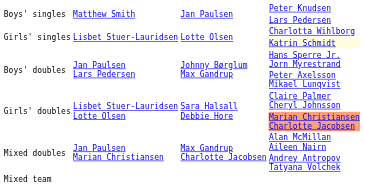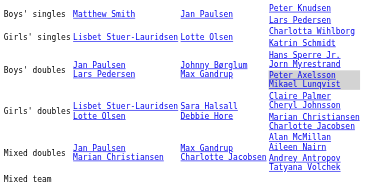 <table>
 <tr>
 <td rowspan=2>Boys' singles</td>
 <td rowspan=2> <a href='#'>Matthew Smith</a></td>
 <td rowspan=2> <a href='#'>Jan Paulsen</a></td>
 <td> <a href='#'>Peter Knudsen</a></td>
 </tr>
 <tr>
 <td> <a href='#'>Lars Pedersen</a></td>
 </tr>
 <tr>
 <td rowspan=2>Girls' singles</td>
 <td rowspan=2> <a href='#'>Lisbet Stuer-Lauridsen</a></td>
 <td rowspan=2> <a href='#'>Lotte Olsen</a></td>
 <td> <a href='#'>Charlotta Wihlborg</a></td>
 </tr>
 <tr>
-<td style="background: lightyellow;"> <a href='#'>Katrin Schmidt</a></td>
+<td> <a href='#'>Katrin Schmidt</a></td>
 </tr>
 <tr>
 <td rowspan=2>Boys' doubles</td>
 <td rowspan=2> <a href='#'>Jan Paulsen</a> <br>  <a href='#'>Lars Pedersen</a></td>
 <td rowspan=2> <a href='#'>Johnny Børglum</a> <br>  <a href='#'>Max Gandrup</a></td>
 <td> <a href='#'>Hans Sperre Jr.</a> <br>  <a href='#'>Jorn Myrestrand</a></td>
 </tr>
 <tr>
-<td> <a href='#'>Peter Axelsson</a> <br>  <a href='#'>Mikael Lunqvist</a></td>
+<td style="background: lightgrey;"> <a href='#'>Peter Axelsson</a> <br>  <a href='#'>Mikael Lunqvist</a></td>
 </tr>
 <tr>
 <td rowspan=2>Girls' doubles</td>
 <td rowspan=2> <a href='#'>Lisbet Stuer-Lauridsen</a> <br>  <a href='#'>Lotte Olsen</a></td>
 <td rowspan=2> <a href='#'>Sara Halsall</a> <br>  <a href='#'>Debbie Hore</a></td>
 <td> <a href='#'>Claire Palmer</a> <br>  <a href='#'>Cheryl Johnsson</a></td>
 </tr>
 <tr>
-<td style="background: lightsalmon;"> <a href='#'>Marian Christiansen</a> <br>  <a href='#'>Charlotte Jacobsen</a></td>
+<td> <a href='#'>Marian Christiansen</a> <br>  <a href='#'>Charlotte Jacobsen</a></td>
 </tr>
 <tr>
 <td rowspan=2>Mixed doubles</td>
 <td rowspan=2> <a href='#'>Jan Paulsen</a> <br>  <a href='#'>Marian Christiansen</a></td>
 <td rowspan=2> <a href='#'>Max Gandrup</a> <br>  <a href='#'>Charlotte Jacobsen</a></td>
 <td> <a href='#'>Alan McMillan</a> <br>  <a href='#'>Aileen Nairn</a></td>
 </tr>
 <tr>
 <td> <a href='#'>Andrey Antropov</a><br>  <a href='#'>Tatyana Volchek</a></td>
 </tr>
 <tr>
 <td>Mixed team</td>
 <td></td>
 <td></td>
 <td></td>
 </tr>
 </table>
